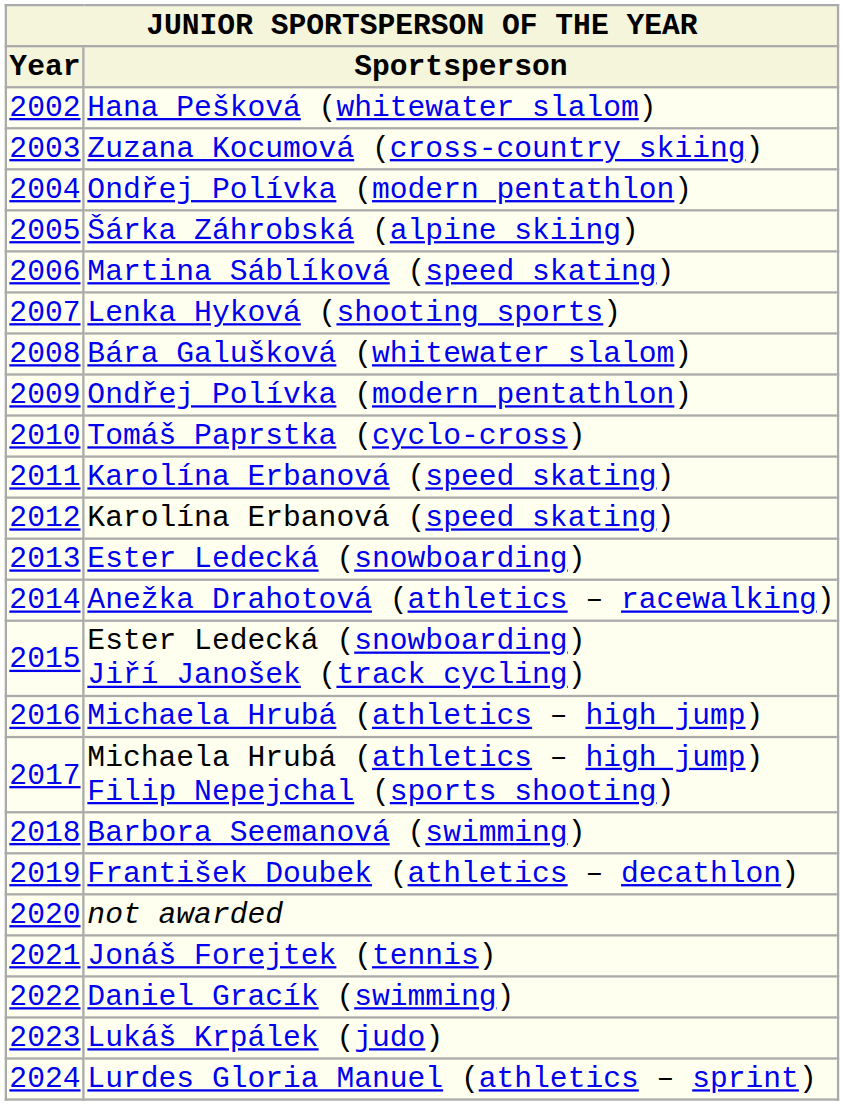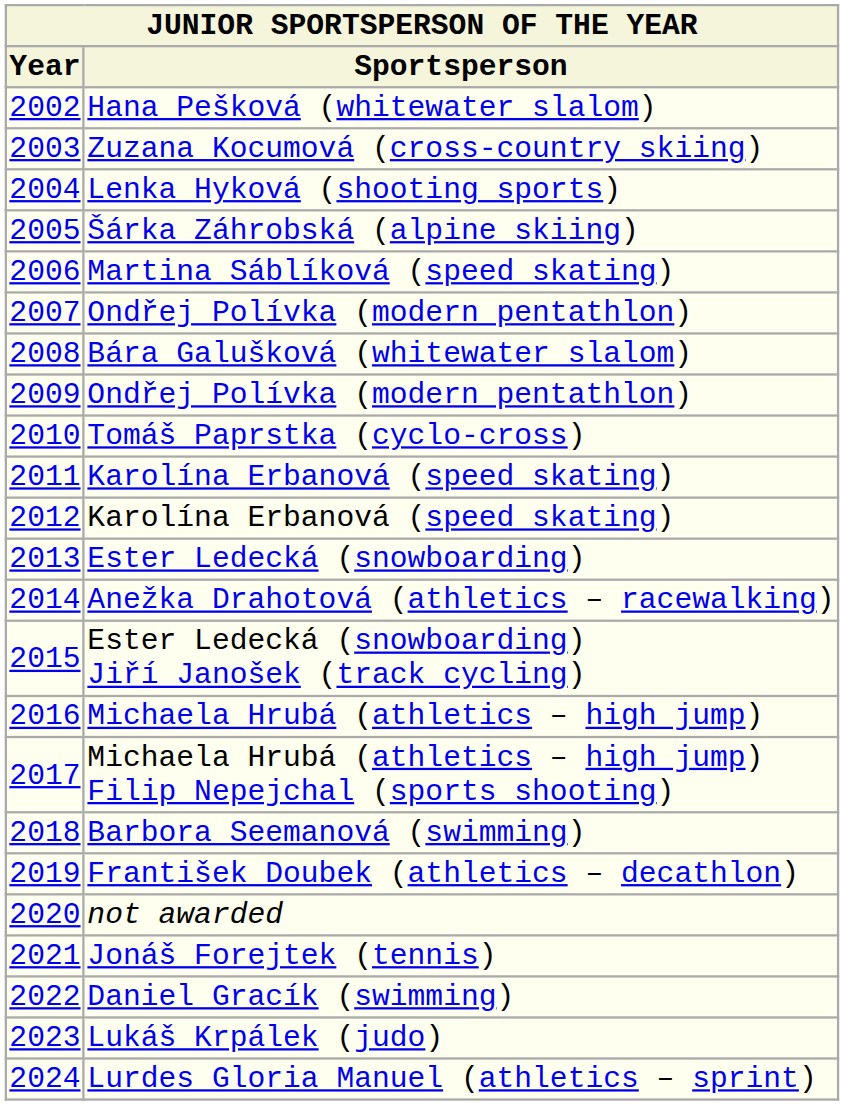 <table border=1 align=center style="background: ivory;border: 1px #aaaaaa solid; border-collapse: collapse; clear:center">
 <tr style="background:beige">
 <th colspan="2">JUNIOR SPORTSPERSON OF THE YEAR</th>
 </tr>
 <tr style="background:beige">
 <th>Year</th>
 <th>Sportsperson</th>
 </tr>
 <tr>
 <td align="center"><a href='#'>2002</a></td>
 <td><a href='#'>Hana Pešková</a> (<a href='#'>whitewater slalom</a>)</td>
 </tr>
 <tr>
 <td align="center"><a href='#'>2003</a></td>
 <td><a href='#'>Zuzana Kocumová</a> (<a href='#'>cross-country skiing</a>)</td>
 </tr>
 <tr>
 <td align="center"><a href='#'>2004</a></td>
-<td><a href='#'>Ondřej Polívka</a> (<a href='#'>modern pentathlon</a>)</td>
+<td><a href='#'>Lenka Hyková</a> (<a href='#'>shooting sports</a>)</td>
 </tr>
 <tr>
 <td align="center"><a href='#'>2005</a></td>
 <td><a href='#'>Šárka Záhrobská</a> (<a href='#'>alpine skiing</a>)</td>
 </tr>
 <tr>
 <td align="center"><a href='#'>2006</a></td>
 <td><a href='#'>Martina Sáblíková</a> (<a href='#'>speed skating</a>)</td>
 </tr>
 <tr>
 <td align="center"><a href='#'>2007</a></td>
-<td><a href='#'>Lenka Hyková</a> (<a href='#'>shooting sports</a>)</td>
+<td><a href='#'>Ondřej Polívka</a> (<a href='#'>modern pentathlon</a>)</td>
 </tr>
 <tr>
 <td align="center"><a href='#'>2008</a></td>
 <td><a href='#'>Bára Galušková</a> (<a href='#'>whitewater slalom</a>)</td>
 </tr>
 <tr>
 <td align="center"><a href='#'>2009</a></td>
 <td><a href='#'>Ondřej Polívka</a> (<a href='#'>modern pentathlon</a>)</td>
 </tr>
 <tr>
 <td align="center"><a href='#'>2010</a></td>
 <td><a href='#'>Tomáš Paprstka</a> (<a href='#'>cyclo-cross</a>)</td>
 </tr>
 <tr>
 <td align="center"><a href='#'>2011</a></td>
 <td><a href='#'>Karolína Erbanová</a> (<a href='#'>speed skating</a>)</td>
 </tr>
 <tr>
 <td align="center"><a href='#'>2012</a></td>
 <td>Karolína Erbanová (<a href='#'>speed skating</a>)</td>
 </tr>
 <tr>
 <td align="center"><a href='#'>2013</a></td>
 <td><a href='#'>Ester Ledecká</a> (<a href='#'>snowboarding</a>)</td>
 </tr>
 <tr>
 <td align="center"><a href='#'>2014</a></td>
 <td><a href='#'>Anežka Drahotová</a> (<a href='#'>athletics</a> – <a href='#'>racewalking</a>)</td>
 </tr>
 <tr>
 <td align="center"><a href='#'>2015</a></td>
 <td>Ester Ledecká (<a href='#'>snowboarding</a>)<br><a href='#'>Jiří Janošek</a> (<a href='#'>track cycling</a>)</td>
 </tr>
 <tr>
 <td align="center"><a href='#'>2016</a></td>
 <td><a href='#'>Michaela Hrubá</a> (<a href='#'>athletics</a> – <a href='#'>high jump</a>)</td>
 </tr>
 <tr>
 <td align="center"><a href='#'>2017</a></td>
 <td>Michaela Hrubá (<a href='#'>athletics</a> – <a href='#'>high jump</a>)<br><a href='#'>Filip Nepejchal</a> (<a href='#'>sports shooting</a>)</td>
 </tr>
 <tr>
 <td align="center"><a href='#'>2018</a></td>
 <td><a href='#'>Barbora Seemanová</a> (<a href='#'>swimming</a>)</td>
 </tr>
 <tr>
 <td align="center"><a href='#'>2019</a></td>
 <td><a href='#'>František Doubek</a> (<a href='#'>athletics</a> – <a href='#'>decathlon</a>)</td>
 </tr>
 <tr>
 <td align="center"><a href='#'>2020</a></td>
 <td><em>not awarded</em></td>
 </tr>
 <tr>
 <td align="center"><a href='#'>2021</a></td>
 <td><a href='#'>Jonáš Forejtek</a> (<a href='#'>tennis</a>)</td>
 </tr>
 <tr>
 <td align="center"><a href='#'>2022</a></td>
 <td><a href='#'>Daniel Gracík</a> (<a href='#'>swimming</a>)</td>
 </tr>
 <tr>
 <td align="center"><a href='#'>2023</a></td>
 <td><a href='#'>Lukáš Krpálek</a> (<a href='#'>judo</a>)</td>
 </tr>
 <tr>
 <td align="center"><a href='#'>2024</a></td>
 <td><a href='#'>Lurdes Gloria Manuel</a> (<a href='#'>athletics</a> – <a href='#'>sprint</a>)</td>
 </tr>
 </table>
